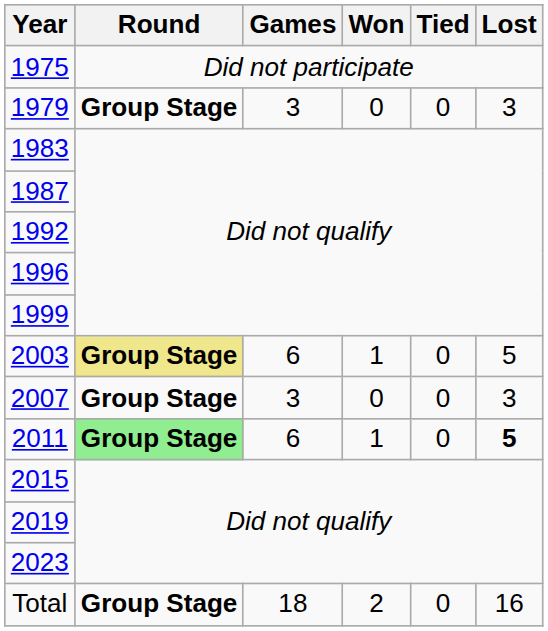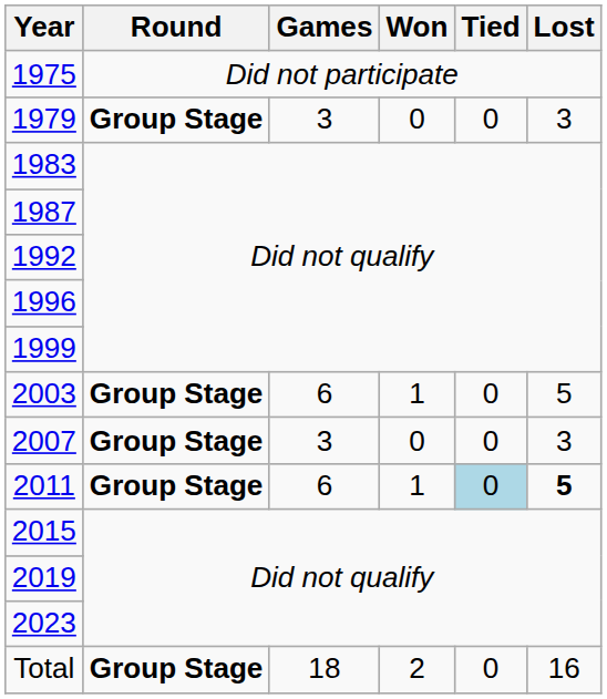 <table class="wikitable" style="text-align: center;">
 <tr>
 <th>Year</th>
 <th>Round</th>
 <th>Games</th>
 <th>Won</th>
 <th>Tied</th>
 <th>Lost</th>
 </tr>
 <tr>
 <td><a href='#'>1975</a></td>
 <td colspan="7"><em>Did not participate</em></td>
 </tr>
 <tr>
 <td><a href='#'>1979</a></td>
 <td><strong>Group Stage</strong></td>
 <td>3</td>
 <td>0</td>
 <td>0</td>
 <td>3</td>
 </tr>
 <tr>
 <td><a href='#'>1983</a></td>
 <td colspan="7" rowspan="5"><em>Did not qualify</em></td>
 </tr>
 <tr>
 <td><a href='#'>1987</a></td>
 </tr>
 <tr>
 <td><a href='#'>1992</a></td>
 </tr>
 <tr>
 <td><a href='#'>1996</a></td>
 </tr>
 <tr>
 <td><a href='#'>1999</a></td>
 </tr>
 <tr>
 <td><a href='#'>2003</a></td>
-<td style="background: khaki;"><strong>Group Stage</strong></td>
+<td><strong>Group Stage</strong></td>
 <td>6</td>
 <td>1</td>
 <td>0</td>
 <td>5</td>
 </tr>
 <tr>
 <td><a href='#'>2007</a></td>
 <td><strong>Group Stage</strong></td>
 <td>3</td>
 <td>0</td>
 <td>0</td>
 <td>3</td>
 </tr>
 <tr>
 <td><a href='#'>2011</a></td>
-<td style="background: lightgreen;"><strong>Group Stage</strong></td>
+<td><strong>Group Stage</strong></td>
 <td>6</td>
 <td>1</td>
-<td>0</td>
+<td style="background: lightblue;">0</td>
 <td><strong>5</strong></td>
 </tr>
 <tr>
 <td><a href='#'>2015</a></td>
 <td colspan="7" rowspan="3"><em>Did not qualify</em></td>
 </tr>
 <tr>
 <td><a href='#'>2019</a></td>
 </tr>
 <tr>
 <td><a href='#'>2023</a></td>
 </tr>
 <tr>
 <td>Total</td>
 <td><strong>Group Stage</strong></td>
 <td>18</td>
 <td>2</td>
 <td>0</td>
 <td>16</td>
 </tr>
 </table>
